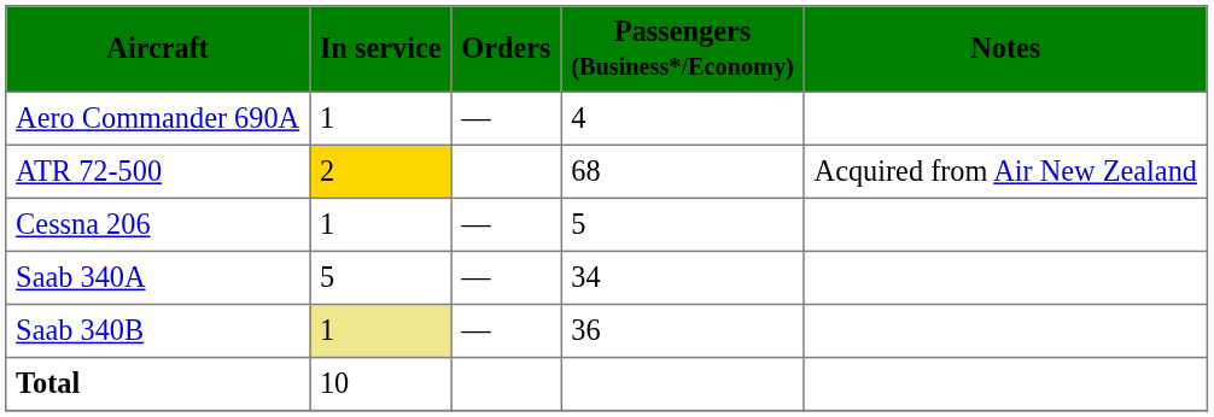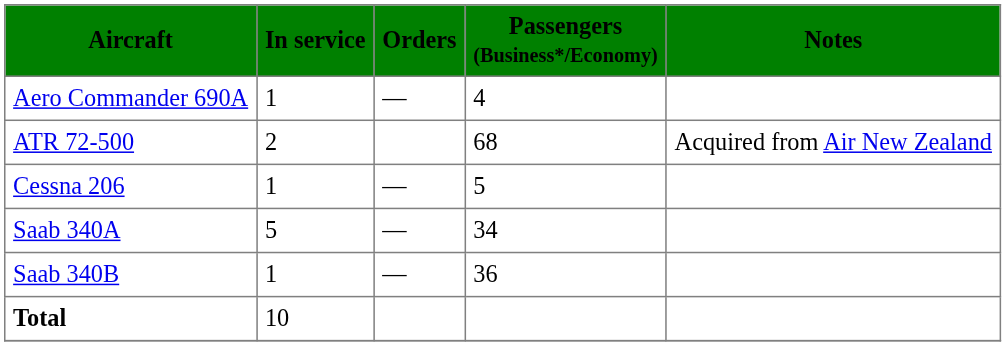 <table class="toccolours" border="1" cellpadding="5" style="border-collapse:collapse">
 <tr bgcolor=green>
 <th><span>Aircraft</span></th>
 <th><span>In service</span></th>
 <th><span>Orders</span></th>
 <th><span>Passengers <br> <small>(Business*/Economy)</small></span></th>
 <th><span>Notes</span></th>
 </tr>
 <tr>
 <td><a href='#'>Aero Commander 690A</a></td>
 <td>1</td>
 <td>—</td>
 <td>4</td>
 <td></td>
 </tr>
 <tr>
 <td><a href='#'>ATR 72-500</a></td>
-<td style="background: gold;">2</td>
+<td>2</td>
 <td></td>
 <td>68</td>
 <td>Acquired from <a href='#'>Air New Zealand</a></td>
 </tr>
 <tr>
 <td><a href='#'>Cessna 206</a></td>
 <td>1</td>
 <td>—</td>
 <td>5</td>
 </tr>
 <tr>
 <td><a href='#'>Saab 340A</a></td>
 <td>5</td>
 <td>—</td>
 <td>34</td>
 <td></td>
 </tr>
 <tr>
 <td><a href='#'>Saab 340B</a></td>
-<td style="background: khaki;">1</td>
+<td>1</td>
 <td>—</td>
 <td>36</td>
 <td></td>
 </tr>
 <tr>
 <td><strong>Total</strong></td>
 <td>10</td>
 <td></td>
 <td></td>
 <td></td>
 </tr>
 <tr>
 </tr>
 </table>
